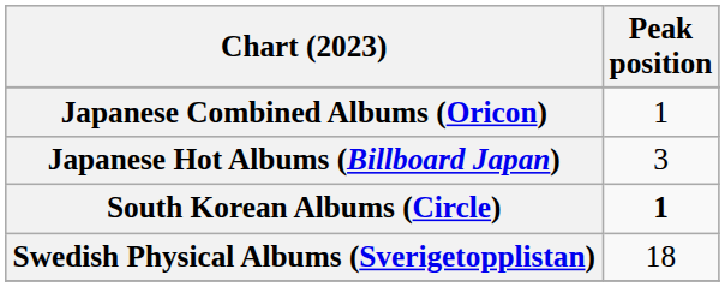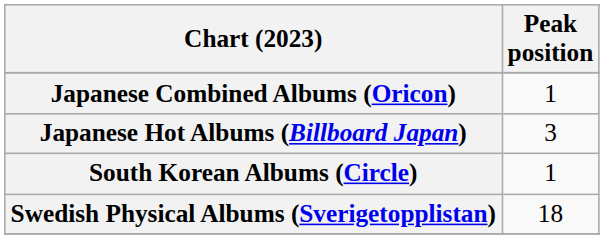 <table class="wikitable sortable plainrowheaders" style="text-align:center">
 <tr>
 <th scope="col">Chart (2023)</th>
 <th scope="col">Peak<br>position</th>
 </tr>
 <tr>
 </tr>
 <tr>
 <th scope="row">Japanese Combined Albums (<a href='#'>Oricon</a>)</th>
 <td>1</td>
 </tr>
 <tr>
 <th scope="row">Japanese Hot Albums (<em><a href='#'>Billboard Japan</a></em>)</th>
 <td>3</td>
 </tr>
 <tr>
 <th scope="row">South Korean Albums (<a href='#'>Circle</a>)</th>
-<td><strong>1</strong></td>
+<td>1</td>
 </tr>
 <tr>
 <th scope="row">Swedish Physical Albums (<a href='#'>Sverigetopplistan</a>)</th>
 <td>18</td>
 </tr>
 <tr>
 </tr>
 <tr>
 </tr>
 <tr>
 </tr>
 </table>
